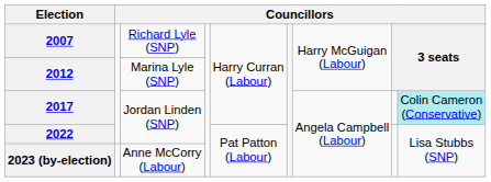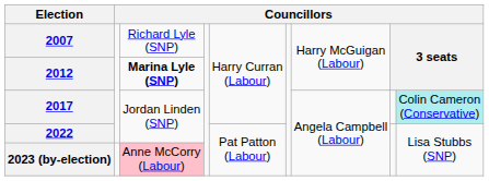 <table class="wikitable" style="text-align:center">
 <tr>
 <th>Election</th>
 <th colspan=8>Councillors</th>
 </tr>
 <tr>
 <th><a href='#'>2007</a></th>
 <td rowspan=4; style="background-color: "></td>
 <td rowspan=1><a href='#'>Richard Lyle</a><br>(<a href='#'>SNP</a>)</td>
 <td rowspan=5; style="background-color: "></td>
 <td rowspan=3>Harry Curran<br>(<a href='#'>Labour</a>)</td>
 <td rowspan=5; style="background-color: "></td>
 <td rowspan=2>Harry McGuigan<br>(<a href='#'>Labour</a>)</td>
 <th colspan=2; rowspan=2>3 seats</th>
 </tr>
 <tr>
 <th><a href='#'>2012</a></th>
-<td rowspan=1>Marina Lyle<br>(<a href='#'>SNP</a>)</td>
+<td rowspan=1><strong>Marina Lyle<br>(<a href='#'>SNP</a>)</strong></td>
 </tr>
 <tr>
 <th><a href='#'>2017</a></th>
 <td rowspan=2>Jordan Linden<br>(<a href='#'>SNP</a>)</td>
 <td rowspan=3>Angela Campbell<br>(<a href='#'>Labour</a>)</td>
 <td rowspan=1; style="background-color: "></td>
 <td rowspan=1 style="background: paleturquoise;">Colin Cameron<br>(<a href='#'>Conservative</a>)</td>
 </tr>
 <tr>
 <th><a href='#'>2022</a></th>
 <td rowspan=2>Pat Patton<br>(<a href='#'>Labour</a>)</td>
 <td rowspan=2; style="background-color: "></td>
 <td rowspan=2>Lisa Stubbs<br>(<a href='#'>SNP</a>)</td>
 </tr>
 <tr>
 <th>2023 (by-election)</th>
 <td rowspan=1; style="background-color: "></td>
-<td rowspan=1>Anne McCorry<br>(<a href='#'>Labour</a>)</td>
+<td rowspan=1 style="background: pink;">Anne McCorry<br>(<a href='#'>Labour</a>)</td>
 </tr>
 </table>
